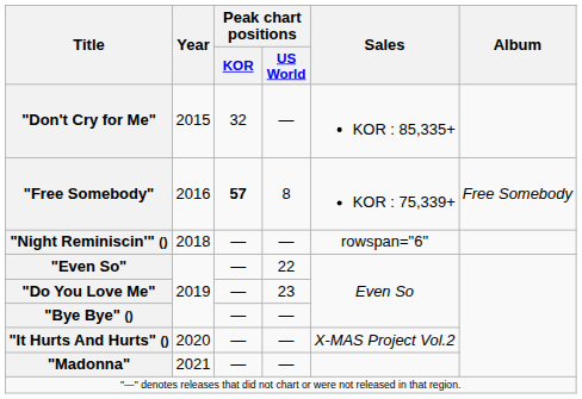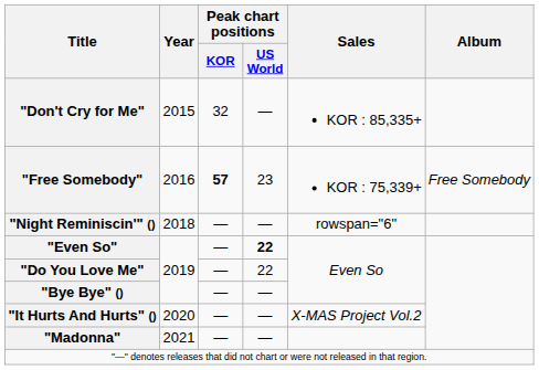 <table class="wikitable plainrowheaders" style="text-align:center;">
 <tr>
 <th scope="col" rowspan="2">Title</th>
 <th scope="col" rowspan="2">Year</th>
 <th scope="col" colspan="2">Peak chart positions</th>
 <th scope="col" rowspan="2">Sales</th>
 <th scope="col" rowspan="2">Album</th>
 </tr>
 <tr>
 <th scope="col" style="width:3em;font-size:90%;"><a href='#'>KOR</a><br></th>
 <th scope="col" style="width:3em;font-size:90%;"><a href='#'>US<br>World</a><br></th>
 </tr>
 <tr>
 <th scope=row>"Don't Cry for Me"</th>
 <td>2015</td>
 <td>32</td>
 <td>—</td>
 <td><br><ul><li>KOR : 85,335+</li></ul></td>
 <td></td>
 </tr>
 <tr>
 <th scope=row>"Free Somebody"</th>
 <td>2016</td>
 <td><strong>57</strong></td>
-<td>8</td>
+<td>23</td>
 <td><br><ul><li>KOR : 75,339+</li></ul></td>
 <td><em>Free Somebody</em></td>
 </tr>
 <tr>
 <th scope=row>"Night Reminiscin'" <small>()</small><br></th>
 <td>2018</td>
 <td>—</td>
 <td>—</td>
 <td>rowspan="6" </td>
 <td></td>
 </tr>
 <tr>
 <th scope=row>"Even So"</th>
 <td rowspan="3">2019</td>
 <td>—</td>
-<td>22</td>
+<td><strong>22</strong></td>
 <td rowspan="3"><em>Even So</em></td>
 </tr>
 <tr>
 <th scope=row>"Do You Love Me" <br></th>
 <td>—</td>
-<td>23</td>
+<td>22</td>
 </tr>
 <tr>
 <th scope=row>"Bye Bye" <small>()</small></th>
 <td>—</td>
 <td>—</td>
 </tr>
 <tr>
 <th scope=row>"It Hurts And Hurts" <small>()</small></th>
 <td>2020</td>
 <td>—</td>
 <td>—</td>
 <td><em>X-MAS Project Vol.2</em></td>
 </tr>
 <tr>
 <th scope=row>"Madonna"</th>
 <td>2021</td>
 <td>—</td>
 <td>—</td>
 <td></td>
 </tr>
 <tr>
 <td colspan="6" style="font-size:8pt">"—" denotes releases that did not chart or were not released in that region.</td>
 </tr>
 </table>
